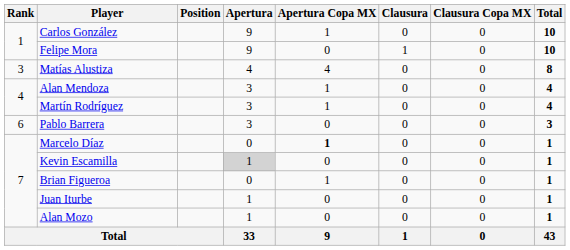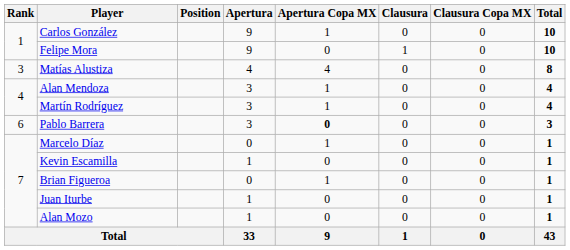 <table class="wikitable">
 <tr>
 <th>Rank</th>
 <th style="width:185px;">Player</th>
 <th>Position</th>
 <th>Apertura</th>
 <th>Apertura Copa MX</th>
 <th>Clausura</th>
 <th>Clausura Copa MX</th>
 <th>Total</th>
 </tr>
 <tr>
 <td align=center rowspan=2>1</td>
 <td> <a href='#'>Carlos González</a></td>
 <td align=center></td>
 <td align=center>9</td>
 <td align=center>1</td>
 <td align=center>0</td>
 <td align=center>0</td>
 <td align=center><strong>10</strong></td>
 </tr>
 <tr>
 <td> <a href='#'>Felipe Mora</a></td>
 <td align=center></td>
 <td align=center>9</td>
 <td align=center>0</td>
 <td align=center>1</td>
 <td align=center>0</td>
 <td align=center><strong>10</strong></td>
 </tr>
 <tr>
 <td align=center>3</td>
 <td> <a href='#'>Matías Alustiza</a></td>
 <td align=center></td>
 <td align=center>4</td>
 <td align=center>4</td>
 <td align=center>0</td>
 <td align=center>0</td>
 <td align=center><strong>8</strong></td>
 </tr>
 <tr>
 <td align=center rowspan=2>4</td>
 <td> <a href='#'>Alan Mendoza</a></td>
 <td align=center></td>
 <td align=center>3</td>
 <td align=center>1</td>
 <td align=center>0</td>
 <td align=center>0</td>
 <td align=center><strong>4</strong></td>
 </tr>
 <tr>
 <td> <a href='#'>Martín Rodríguez</a></td>
 <td align=center></td>
 <td align=center>3</td>
 <td align=center>1</td>
 <td align=center>0</td>
 <td align=center>0</td>
 <td align=center><strong>4</strong></td>
 </tr>
 <tr>
 <td align=center>6</td>
 <td> <a href='#'>Pablo Barrera</a></td>
 <td align=center></td>
 <td align=center>3</td>
-<td align=center>0</td>
+<td align=center><strong>0</strong></td>
 <td align=center>0</td>
 <td align=center>0</td>
 <td align=center><strong>3</strong></td>
 </tr>
 <tr>
 <td align=center rowspan=5>7</td>
 <td> <a href='#'>Marcelo Díaz</a></td>
 <td align=center></td>
 <td align=center>0</td>
-<td align=center><strong>1</strong></td>
+<td align=center>1</td>
 <td align=center>0</td>
 <td align=center>0</td>
 <td align=center><strong>1</strong></td>
 </tr>
 <tr>
 <td> <a href='#'>Kevin Escamilla</a></td>
 <td align=center></td>
-<td align=center style="background: lightgrey;">1</td>
+<td align=center>1</td>
 <td align=center>0</td>
 <td align=center>0</td>
 <td align=center>0</td>
 <td align=center><strong>1</strong></td>
 </tr>
 <tr>
 <td> <a href='#'>Brian Figueroa</a></td>
 <td align=center></td>
 <td align=center>0</td>
 <td align=center>1</td>
 <td align=center>0</td>
 <td align=center>0</td>
 <td align=center><strong>1</strong></td>
 </tr>
 <tr>
 <td> <a href='#'>Juan Iturbe</a></td>
 <td align=center></td>
 <td align=center>1</td>
 <td align=center>0</td>
 <td align=center>0</td>
 <td align=center>0</td>
 <td align=center><strong>1</strong></td>
 </tr>
 <tr>
 <td> <a href='#'>Alan Mozo</a></td>
 <td align=center></td>
 <td align=center>1</td>
 <td align=center>0</td>
 <td align=center>0</td>
 <td align=center>0</td>
 <td align=center><strong>1</strong></td>
 </tr>
 <tr>
 <th align=center colspan=3>Total</th>
 <th align=center>33</th>
 <th align=center>9</th>
 <th align=center>1</th>
 <th align=center>0</th>
 <th align=center>43</th>
 </tr>
 </table>
